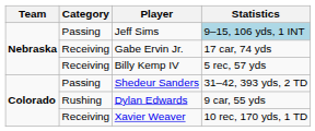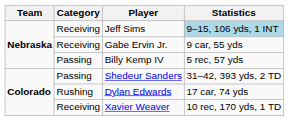 <table class="wikitable" style="float: right;">
 <tr>
 <th>Team</th>
 <th>Category</th>
 <th>Player</th>
 <th>Statistics</th>
 </tr>
 <tr>
 <td rowspan=3><strong>Nebraska</strong></td>
-<td>Passing</td>
+<td>Receiving</td>
 <td>Jeff Sims</td>
 <td style="background: lightblue;">9–15, 106 yds, 1 INT</td>
 </tr>
 <tr>
 <td>Receiving</td>
 <td>Gabe Ervin Jr.</td>
-<td>17 car, 74 yds</td>
+<td>9 car, 55 yds</td>
 </tr>
 <tr>
-<td>Receiving</td>
+<td>Passing</td>
 <td>Billy Kemp IV</td>
 <td>5 rec, 57 yds</td>
 </tr>
 <tr>
 <td rowspan=3><strong>Colorado</strong></td>
 <td>Passing</td>
 <td><a href='#'>Shedeur Sanders</a></td>
 <td>31–42, 393 yds, 2 TD</td>
 </tr>
 <tr>
 <td>Rushing</td>
 <td><a href='#'>Dylan Edwards</a></td>
-<td>9 car, 55 yds</td>
+<td>17 car, 74 yds</td>
 </tr>
 <tr>
 <td>Receiving</td>
 <td><a href='#'>Xavier Weaver</a></td>
 <td>10 rec, 170 yds, 1 TD</td>
 </tr>
 </table>
